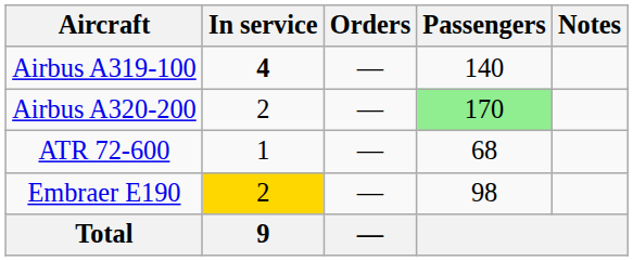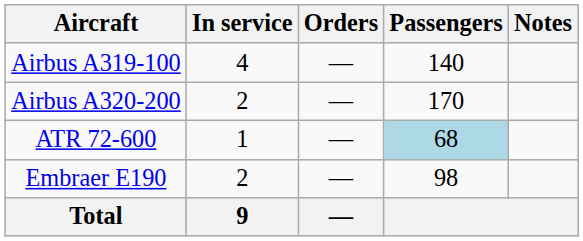 <table class="wikitable" style="text-align:center; margin:1em auto;">
 <tr>
 <th>Aircraft</th>
 <th>In service</th>
 <th>Orders</th>
 <th>Passengers</th>
 <th>Notes</th>
 </tr>
 <tr>
 <td><a href='#'>Airbus A319-100</a></td>
-<td><strong>4</strong></td>
+<td>4</td>
 <td>—</td>
 <td>140</td>
 <td></td>
 </tr>
 <tr>
 <td><a href='#'>Airbus A320-200</a></td>
 <td>2</td>
 <td>—</td>
-<td style="background: lightgreen;">170</td>
+<td>170</td>
 <td></td>
 </tr>
 <tr>
 <td><a href='#'>ATR 72-600</a></td>
 <td>1</td>
 <td>—</td>
-<td>68</td>
+<td style="background: lightblue;">68</td>
 <td></td>
 </tr>
 <tr>
 <td><a href='#'>Embraer E190</a></td>
-<td style="background: gold;">2</td>
+<td>2</td>
 <td>—</td>
 <td>98</td>
 <td></td>
 </tr>
 <tr>
 <th>Total</th>
 <th>9</th>
 <th>—</th>
 <th colspan="2"></th>
 </tr>
 </table>
